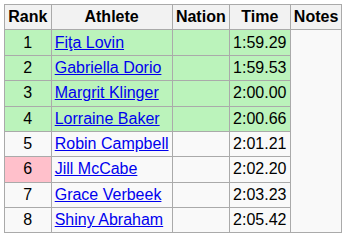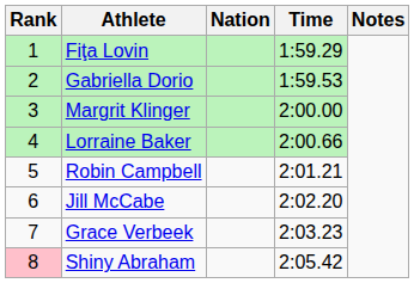 <table class="wikitable sortable" style="text-align:center">
 <tr>
 <th>Rank</th>
 <th>Athlete</th>
 <th>Nation</th>
 <th>Time</th>
 <th>Notes</th>
 </tr>
 <tr style="background:#bbf3bb;">
 <td>1</td>
 <td align=left><a href='#'>Fiţa Lovin</a></td>
 <td align=left></td>
 <td>1:59.29</td>
 </tr>
 <tr style="background:#bbf3bb;">
 <td>2</td>
 <td align=left><a href='#'>Gabriella Dorio</a></td>
 <td align=left></td>
 <td>1:59.53</td>
 </tr>
 <tr style="background:#bbf3bb;">
 <td>3</td>
 <td align=left><a href='#'>Margrit Klinger</a></td>
 <td align=left></td>
 <td>2:00.00</td>
 </tr>
 <tr style="background:#bbf3bb;">
 <td>4</td>
 <td align=left><a href='#'>Lorraine Baker</a></td>
 <td align=left></td>
 <td>2:00.66</td>
 </tr>
 <tr>
 <td>5</td>
 <td align=left><a href='#'>Robin Campbell</a></td>
 <td align=left></td>
 <td>2:01.21</td>
 </tr>
 <tr>
-<td style="background: pink;">6</td>
+<td>6</td>
 <td align=left><a href='#'>Jill McCabe</a></td>
 <td align=left></td>
 <td>2:02.20</td>
 </tr>
 <tr>
 <td>7</td>
 <td align=left><a href='#'>Grace Verbeek</a></td>
 <td align=left></td>
 <td>2:03.23</td>
 </tr>
 <tr>
-<td>8</td>
+<td style="background: pink;">8</td>
 <td align=left><a href='#'>Shiny Abraham</a></td>
 <td align=left></td>
 <td>2:05.42</td>
 </tr>
 </table>
